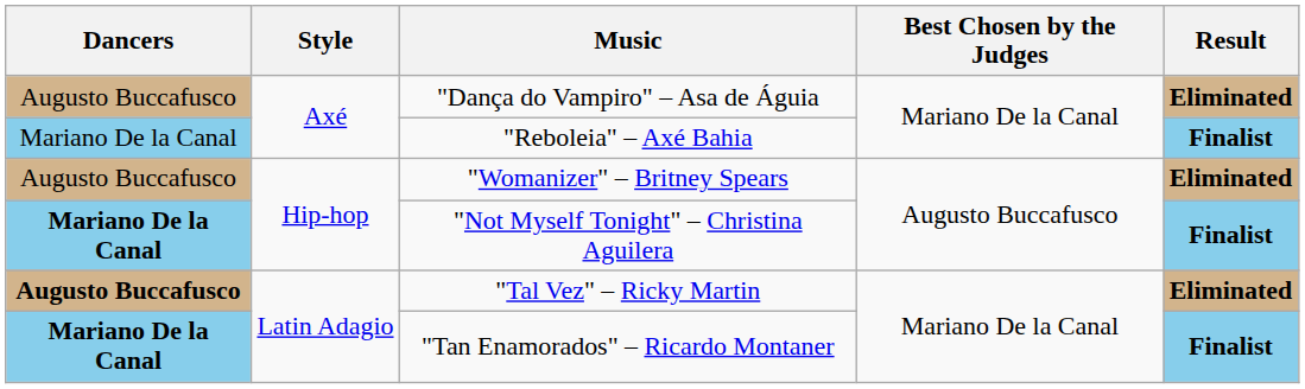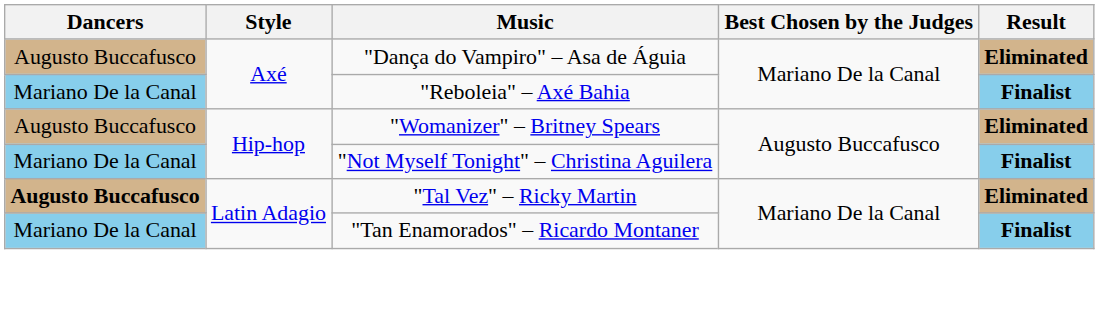 <table class="wikitable" width="90%" style="text-align:center;">
 <tr bgcolor="f2f2f2">
 <td><strong>Dancers</strong></td>
 <td><strong>Style</strong></td>
 <td><strong>Music</strong></td>
 <td><strong>Best Chosen by the Judges</strong></td>
 <td><strong>Result</strong></td>
 </tr>
 <tr>
 <td bgcolor=tan>Augusto Buccafusco</td>
 <td rowspan=2><a href='#'>Axé</a></td>
 <td>"Dança do Vampiro" – Asa de Águia</td>
 <td rowspan=2>Mariano De la Canal</td>
 <td bgcolor=tan><strong>Eliminated</strong></td>
 </tr>
 <tr>
 <td bgcolor=skyblue>Mariano De la Canal</td>
 <td>"Reboleia" – <a href='#'>Axé Bahia</a></td>
 <td bgcolor=skyblue><strong>Finalist</strong></td>
 </tr>
 <tr>
 <td bgcolor=tan>Augusto Buccafusco</td>
 <td rowspan=2><a href='#'>Hip-hop</a></td>
 <td>"<a href='#'>Womanizer</a>" – <a href='#'>Britney Spears</a></td>
 <td rowspan=2>Augusto Buccafusco</td>
 <td bgcolor=tan><strong>Eliminated</strong></td>
 </tr>
 <tr>
-<td bgcolor=skyblue><strong>Mariano De la Canal</strong></td>
+<td bgcolor=skyblue>Mariano De la Canal</td>
 <td>"<a href='#'>Not Myself Tonight</a>" – <a href='#'>Christina Aguilera</a></td>
 <td bgcolor=skyblue><strong>Finalist</strong></td>
 </tr>
 <tr>
 <td bgcolor=tan><strong>Augusto Buccafusco</strong></td>
 <td rowspan=2><a href='#'>Latin Adagio</a></td>
 <td>"<a href='#'>Tal Vez</a>" – <a href='#'>Ricky Martin</a></td>
 <td rowspan=2>Mariano De la Canal</td>
 <td bgcolor=tan><strong>Eliminated</strong></td>
 </tr>
 <tr>
-<td bgcolor=skyblue><strong>Mariano De la Canal</strong></td>
+<td bgcolor=skyblue>Mariano De la Canal</td>
 <td>"Tan Enamorados" – <a href='#'>Ricardo Montaner</a></td>
 <td bgcolor=skyblue><strong>Finalist</strong></td>
 </tr>
 </table>
